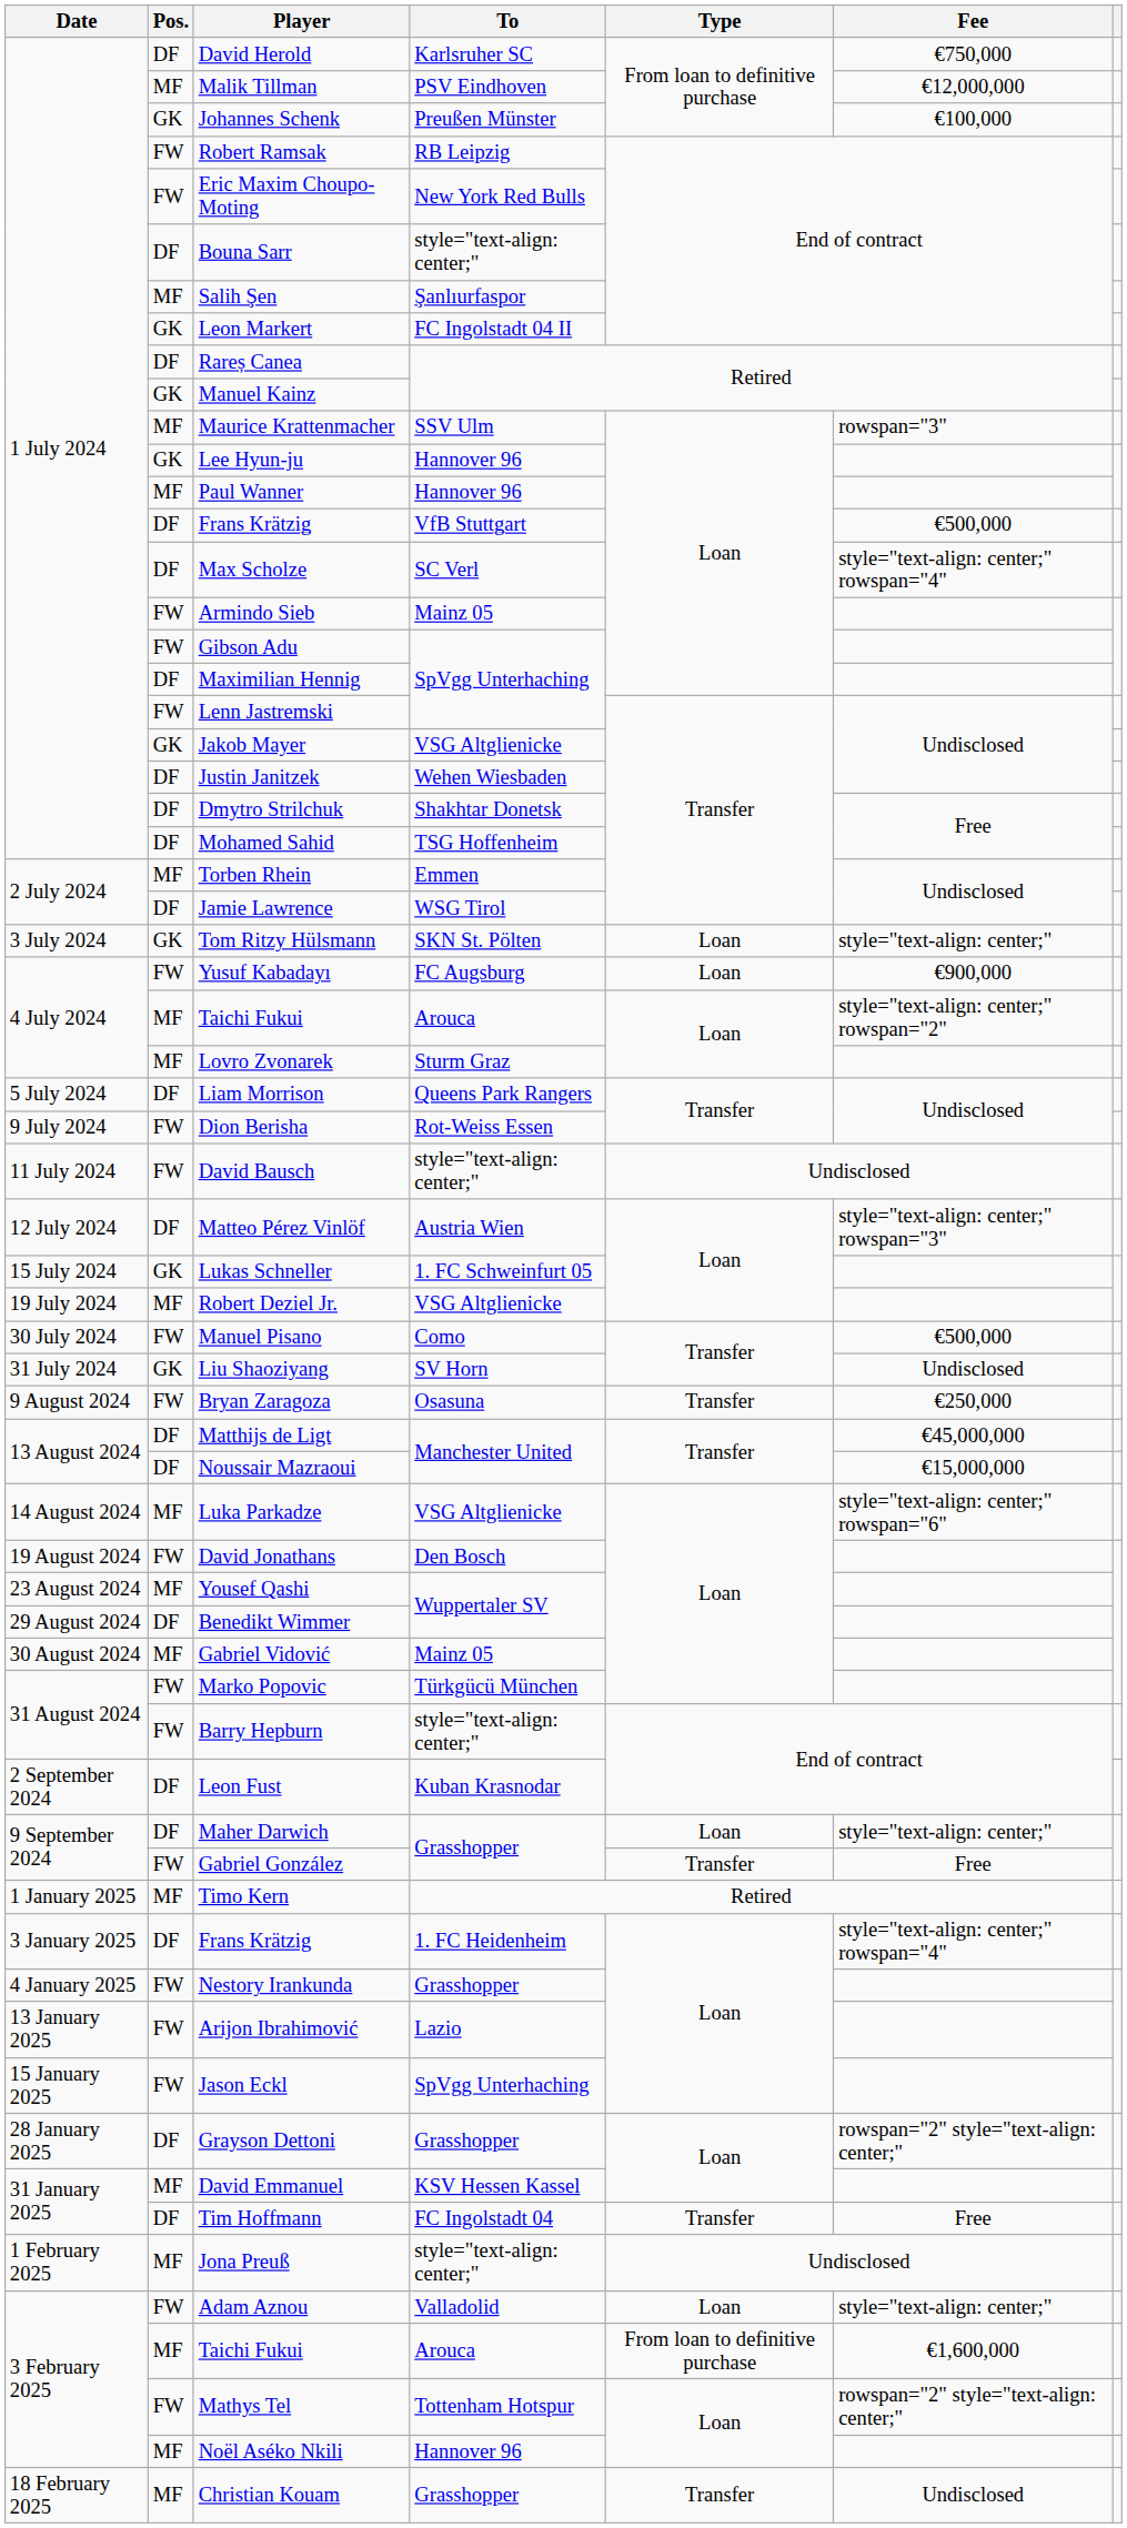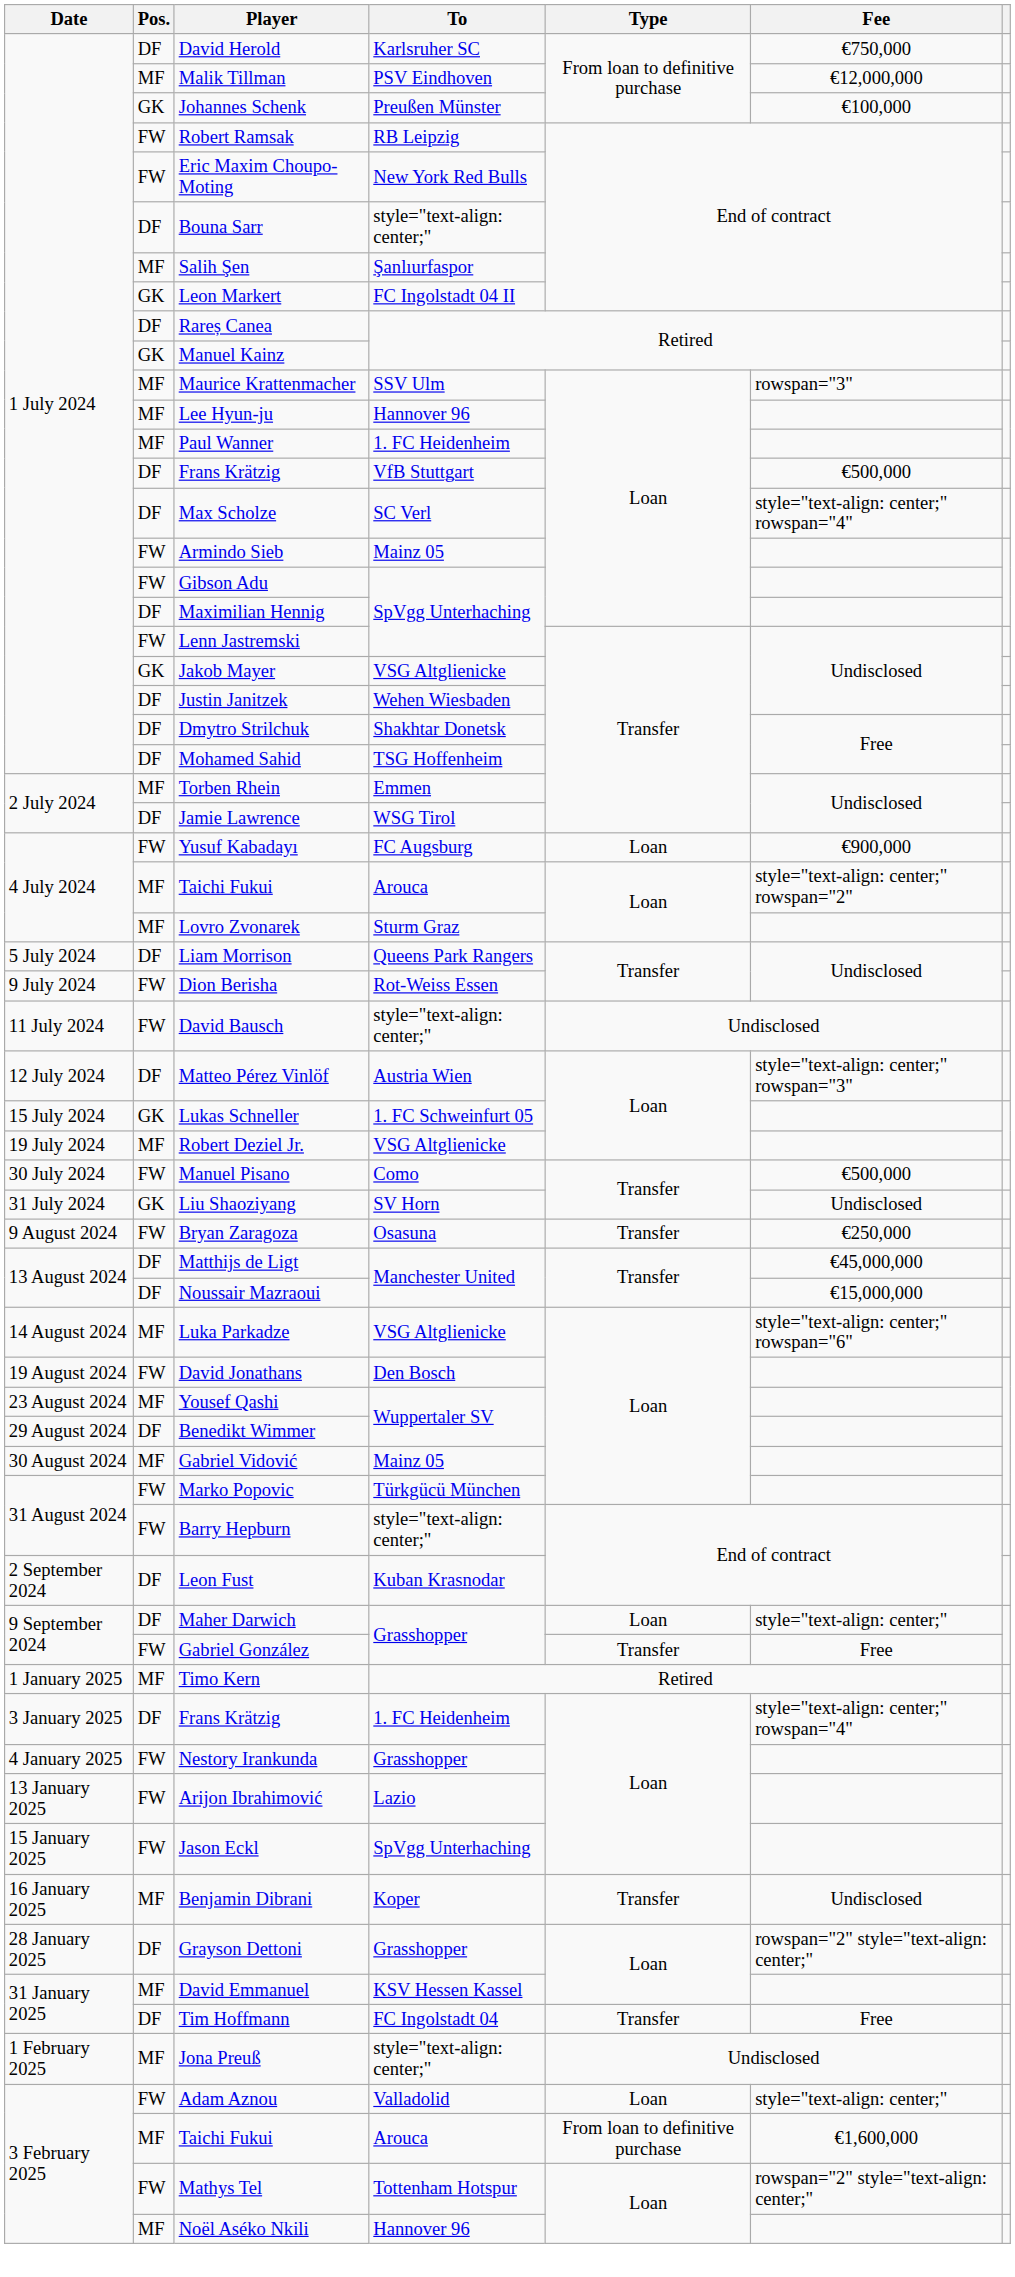 <table class="wikitable">
 <tr>
 <th>Date</th>
 <th>Pos.</th>
 <th>Player</th>
 <th>To</th>
 <th>Type</th>
 <th>Fee</th>
 <th></th>
 </tr>
 <tr>
 <td rowspan="23">1 July 2024</td>
 <td>DF</td>
 <td> <a href='#'>David Herold</a></td>
 <td> <a href='#'>Karlsruher SC</a></td>
 <td rowspan="3"style="text-align: center;">From loan to definitive purchase</td>
 <td style="text-align: center;">€750,000</td>
 <td></td>
 </tr>
 <tr>
 <td>MF</td>
 <td> <a href='#'>Malik Tillman</a></td>
 <td> <a href='#'>PSV Eindhoven</a></td>
 <td style="text-align: center;">€12,000,000</td>
 <td></td>
 </tr>
 <tr>
 <td>GK</td>
 <td> <a href='#'>Johannes Schenk</a></td>
 <td> <a href='#'>Preußen Münster</a></td>
 <td style="text-align: center;">€100,000</td>
 <td></td>
 </tr>
 <tr>
 <td>FW</td>
 <td> <a href='#'>Robert Ramsak</a></td>
 <td> <a href='#'>RB Leipzig</a></td>
 <td colspan ="2" rowspan="5"style="text-align: center;">End of contract</td>
 <td></td>
 </tr>
 <tr>
 <td>FW</td>
 <td> <a href='#'>Eric Maxim Choupo-Moting</a></td>
 <td> <a href='#'>New York Red Bulls</a></td>
 <td></td>
 </tr>
 <tr>
 <td>DF</td>
 <td> <a href='#'>Bouna Sarr</a></td>
 <td>style="text-align: center;"</td>
 <td></td>
 </tr>
 <tr>
 <td>MF</td>
 <td> <a href='#'>Salih Şen</a></td>
 <td> <a href='#'>Şanlıurfaspor</a></td>
 <td></td>
 </tr>
 <tr>
 <td>GK</td>
 <td> <a href='#'>Leon Markert</a></td>
 <td> <a href='#'>FC Ingolstadt 04 II</a></td>
 <td></td>
 </tr>
 <tr>
 <td>DF</td>
 <td> <a href='#'>Rareș Canea</a></td>
 <td colspan="3" rowspan="2" style="text-align: center;">Retired</td>
 <td></td>
 </tr>
 <tr>
 <td>GK</td>
 <td> <a href='#'>Manuel Kainz</a></td>
 <td></td>
 </tr>
 <tr>
 <td>MF</td>
 <td> <a href='#'>Maurice Krattenmacher</a></td>
 <td> <a href='#'>SSV Ulm</a></td>
 <td style="text-align: center;" rowspan="8">Loan</td>
 <td>rowspan="3" </td>
 <td></td>
 </tr>
 <tr>
-<td>GK</td>
+<td>MF</td>
 <td> <a href='#'>Lee Hyun-ju</a></td>
 <td> <a href='#'>Hannover 96</a></td>
 <td></td>
 </tr>
 <tr>
 <td>MF</td>
 <td> <a href='#'>Paul Wanner</a></td>
-<td> <a href='#'>Hannover 96</a></td>
+<td> <a href='#'>1. FC Heidenheim</a></td>
 <td></td>
 </tr>
 <tr>
 <td>DF</td>
 <td> <a href='#'>Frans Krätzig</a></td>
 <td> <a href='#'>VfB Stuttgart</a></td>
 <td style="text-align: center;">€500,000</td>
 <td></td>
 </tr>
 <tr>
 <td>DF</td>
 <td> <a href='#'>Max Scholze</a></td>
 <td> <a href='#'>SC Verl</a></td>
 <td>style="text-align: center;" rowspan="4" </td>
 <td></td>
 </tr>
 <tr>
 <td>FW</td>
 <td> <a href='#'>Armindo Sieb</a></td>
 <td> <a href='#'>Mainz 05</a></td>
 <td></td>
 </tr>
 <tr>
 <td>FW</td>
 <td> <a href='#'>Gibson Adu</a></td>
 <td rowspan="3"> <a href='#'>SpVgg Unterhaching</a></td>
 <td></td>
 </tr>
 <tr>
 <td>DF</td>
 <td> <a href='#'>Maximilian Hennig</a></td>
 <td></td>
 </tr>
 <tr>
 <td>FW</td>
 <td> <a href='#'>Lenn Jastremski</a></td>
 <td style="text-align: center;" rowspan="7">Transfer</td>
 <td style="text-align: center;" rowspan="3">Undisclosed</td>
 <td></td>
 </tr>
 <tr>
 <td>GK</td>
 <td> <a href='#'>Jakob Mayer</a></td>
 <td> <a href='#'>VSG Altglienicke</a></td>
 <td></td>
 </tr>
 <tr>
 <td>DF</td>
 <td> <a href='#'>Justin Janitzek</a></td>
 <td> <a href='#'>Wehen Wiesbaden</a></td>
 <td></td>
 </tr>
 <tr>
 <td>DF</td>
 <td> <a href='#'>Dmytro Strilchuk</a></td>
 <td> <a href='#'>Shakhtar Donetsk</a></td>
 <td style="text-align: center;" rowspan="2">Free</td>
 <td></td>
 </tr>
 <tr>
 <td>DF</td>
 <td> <a href='#'>Mohamed Sahid</a></td>
 <td> <a href='#'>TSG Hoffenheim</a></td>
 <td></td>
 </tr>
 <tr>
 <td rowspan="2">2 July 2024</td>
 <td>MF</td>
 <td> <a href='#'>Torben Rhein</a></td>
 <td> <a href='#'>Emmen</a></td>
 <td style="text-align: center;" rowspan="2">Undisclosed</td>
 <td></td>
 </tr>
 <tr>
 <td>DF</td>
 <td> <a href='#'>Jamie Lawrence</a></td>
 <td> <a href='#'>WSG Tirol</a></td>
-<td></td>
-</tr>
-<tr>
-<td>3 July 2024</td>
-<td>GK</td>
-<td> <a href='#'>Tom Ritzy Hülsmann</a></td>
-<td> <a href='#'>SKN St. Pölten</a></td>
-<td style="text-align: center;">Loan</td>
-<td>style="text-align: center;" </td>
 <td></td>
 </tr>
 <tr>
 <td rowspan="3">4 July 2024</td>
 <td>FW</td>
 <td> <a href='#'>Yusuf Kabadayı</a></td>
 <td> <a href='#'>FC Augsburg</a></td>
 <td style="text-align: center;">Loan</td>
 <td style="text-align: center;">€900,000</td>
 <td></td>
 </tr>
 <tr>
 <td>MF</td>
 <td> <a href='#'>Taichi Fukui</a></td>
 <td> <a href='#'>Arouca</a></td>
 <td style="text-align: center;" rowspan="2">Loan</td>
 <td>style="text-align: center;" rowspan="2" </td>
 <td></td>
 </tr>
 <tr>
 <td>MF</td>
 <td> <a href='#'>Lovro Zvonarek</a></td>
 <td> <a href='#'>Sturm Graz</a></td>
 <td></td>
 </tr>
 <tr>
 <td>5 July 2024</td>
 <td>DF</td>
 <td> <a href='#'>Liam Morrison</a></td>
 <td> <a href='#'>Queens Park Rangers</a></td>
 <td style="text-align: center;" rowspan="2">Transfer</td>
 <td style="text-align: center;" rowspan="2">Undisclosed</td>
 <td></td>
 </tr>
 <tr>
 <td>9 July 2024</td>
 <td>FW</td>
 <td> <a href='#'>Dion Berisha</a></td>
 <td> <a href='#'>Rot-Weiss Essen</a></td>
 <td></td>
 </tr>
 <tr>
 <td>11 July 2024</td>
 <td>FW</td>
 <td> <a href='#'>David Bausch</a></td>
 <td>style="text-align: center;"</td>
 <td colspan ="2" style="text-align: center;">Undisclosed</td>
 <td></td>
 </tr>
 <tr>
 <td>12 July 2024</td>
 <td>DF</td>
 <td> <a href='#'>Matteo Pérez Vinlöf</a></td>
 <td> <a href='#'>Austria Wien</a></td>
 <td style="text-align: center;" rowspan="3">Loan</td>
 <td>style="text-align: center;" rowspan="3" </td>
 <td></td>
 </tr>
 <tr>
 <td>15 July 2024</td>
 <td>GK</td>
 <td> <a href='#'>Lukas Schneller</a></td>
 <td> <a href='#'>1. FC Schweinfurt 05</a></td>
 <td></td>
 </tr>
 <tr>
 <td>19 July 2024</td>
 <td>MF</td>
 <td> <a href='#'>Robert Deziel Jr.</a></td>
 <td> <a href='#'>VSG Altglienicke</a></td>
 <td></td>
 </tr>
 <tr>
 <td>30 July 2024</td>
 <td>FW</td>
 <td> <a href='#'>Manuel Pisano</a></td>
 <td> <a href='#'>Como</a></td>
 <td style="text-align: center;" rowspan="2">Transfer</td>
 <td style="text-align: center;">€500,000</td>
 <td></td>
 </tr>
 <tr>
 <td>31 July 2024</td>
 <td>GK</td>
 <td> <a href='#'>Liu Shaoziyang</a></td>
 <td> <a href='#'>SV Horn</a></td>
 <td style="text-align: center;">Undisclosed</td>
 <td></td>
 </tr>
 <tr>
 <td>9 August 2024</td>
 <td>FW</td>
 <td> <a href='#'>Bryan Zaragoza</a></td>
 <td> <a href='#'>Osasuna</a></td>
 <td style="text-align: center;">Transfer</td>
 <td style="text-align: center;">€250,000</td>
 <td></td>
 </tr>
 <tr>
 <td rowspan="2">13 August 2024</td>
 <td>DF</td>
 <td> <a href='#'>Matthijs de Ligt</a></td>
 <td rowspan="2"> <a href='#'>Manchester United</a></td>
 <td style="text-align: center;" rowspan="2">Transfer</td>
 <td style="text-align: center;">€45,000,000</td>
 <td></td>
 </tr>
 <tr>
 <td>DF</td>
 <td> <a href='#'>Noussair Mazraoui</a></td>
 <td style="text-align: center;">€15,000,000</td>
 <td></td>
 </tr>
 <tr>
 <td>14 August 2024</td>
 <td>MF</td>
 <td> <a href='#'>Luka Parkadze</a></td>
 <td> <a href='#'>VSG Altglienicke</a></td>
 <td style="text-align: center;" rowspan="6">Loan</td>
 <td>style="text-align: center;" rowspan="6" </td>
 <td></td>
 </tr>
 <tr>
 <td>19 August 2024</td>
 <td>FW</td>
 <td> <a href='#'>David Jonathans</a></td>
 <td> <a href='#'>Den Bosch</a></td>
 <td></td>
 </tr>
 <tr>
 <td>23 August 2024</td>
 <td>MF</td>
 <td> <a href='#'>Yousef Qashi</a></td>
 <td rowspan="2"> <a href='#'>Wuppertaler SV</a></td>
 <td></td>
 </tr>
 <tr>
 <td>29 August 2024</td>
 <td>DF</td>
 <td> <a href='#'>Benedikt Wimmer</a></td>
 <td></td>
 </tr>
 <tr>
 <td>30 August 2024</td>
 <td>MF</td>
 <td> <a href='#'>Gabriel Vidović</a></td>
 <td> <a href='#'>Mainz 05</a></td>
 <td></td>
 </tr>
 <tr>
 <td rowspan="2">31 August 2024</td>
 <td>FW</td>
 <td> <a href='#'>Marko Popovic</a></td>
 <td> <a href='#'>Türkgücü München</a></td>
 <td></td>
 </tr>
 <tr>
 <td>FW</td>
 <td> <a href='#'>Barry Hepburn</a></td>
 <td>style="text-align: center;"</td>
 <td colspan ="2" rowspan="2"style="text-align: center;">End of contract</td>
 <td></td>
 </tr>
 <tr>
 <td>2 September 2024</td>
 <td>DF</td>
 <td> <a href='#'>Leon Fust</a></td>
 <td> <a href='#'>Kuban Krasnodar</a></td>
 <td></td>
 </tr>
 <tr>
 <td rowspan="2">9 September 2024</td>
 <td>DF</td>
 <td> <a href='#'>Maher Darwich</a></td>
 <td rowspan="2"> <a href='#'>Grasshopper</a></td>
 <td style="text-align: center;">Loan</td>
 <td>style="text-align: center;"</td>
 <td rowspan="2"></td>
 </tr>
 <tr>
 <td>FW</td>
 <td> <a href='#'>Gabriel González</a></td>
 <td style="text-align: center;">Transfer</td>
 <td style="text-align: center;">Free</td>
 </tr>
 <tr>
 <td>1 January 2025</td>
 <td>MF</td>
 <td> <a href='#'>Timo Kern</a></td>
 <td colspan="3" style="text-align: center;">Retired</td>
 <td></td>
 </tr>
 <tr>
 <td>3 January 2025</td>
 <td>DF</td>
 <td> <a href='#'>Frans Krätzig</a></td>
 <td> <a href='#'>1. FC Heidenheim</a></td>
 <td style="text-align: center;" rowspan="4">Loan</td>
 <td>style="text-align: center;" rowspan="4" </td>
 <td></td>
 </tr>
 <tr>
 <td>4 January 2025</td>
 <td>FW</td>
 <td> <a href='#'>Nestory Irankunda</a></td>
 <td> <a href='#'>Grasshopper</a></td>
 <td></td>
 </tr>
 <tr>
 <td>13 January 2025</td>
 <td>FW</td>
 <td> <a href='#'>Arijon Ibrahimović</a></td>
 <td> <a href='#'>Lazio</a></td>
 <td></td>
 </tr>
 <tr>
 <td>15 January 2025</td>
 <td>FW</td>
 <td> <a href='#'>Jason Eckl</a></td>
 <td> <a href='#'>SpVgg Unterhaching</a></td>
 <td></td>
 </tr>
 <tr>
+<td>16 January 2025</td>
+<td>MF</td>
+<td> <a href='#'>Benjamin Dibrani</a></td>
+<td> <a href='#'>Koper</a></td>
+<td style="text-align: center;">Transfer</td>
+<td style="text-align: center;">Undisclosed</td>
+<td></td>
+</tr>
+<tr>
 <td>28 January 2025</td>
 <td>DF</td>
 <td> <a href='#'>Grayson Dettoni</a></td>
 <td> <a href='#'>Grasshopper</a></td>
 <td rowspan="2" style="text-align: center;">Loan</td>
 <td>rowspan="2" style="text-align: center;" </td>
 <td></td>
 </tr>
 <tr>
 <td rowspan="2">31 January 2025</td>
 <td>MF</td>
 <td> <a href='#'>David Emmanuel</a></td>
 <td> <a href='#'>KSV Hessen Kassel</a></td>
 <td></td>
 </tr>
 <tr>
 <td>DF</td>
 <td> <a href='#'>Tim Hoffmann</a></td>
 <td> <a href='#'>FC Ingolstadt 04</a></td>
 <td style="text-align: center;">Transfer</td>
 <td style="text-align: center;">Free</td>
 <td></td>
 </tr>
 <tr>
 <td>1 February 2025</td>
 <td>MF</td>
 <td> <a href='#'>Jona Preuß</a></td>
 <td>style="text-align: center;"</td>
 <td colspan ="2" style="text-align: center;">Undisclosed</td>
 <td></td>
 </tr>
 <tr>
 <td rowspan="4">3 February 2025</td>
 <td>FW</td>
 <td> <a href='#'>Adam Aznou</a></td>
 <td> <a href='#'>Valladolid</a></td>
 <td style="text-align: center;">Loan</td>
 <td>style="text-align: center;" </td>
 <td></td>
 </tr>
 <tr>
 <td>MF</td>
 <td> <a href='#'>Taichi Fukui</a></td>
 <td> <a href='#'>Arouca</a></td>
 <td style="text-align: center;">From loan to definitive purchase</td>
 <td style="text-align: center;">€1,600,000</td>
 <td></td>
 </tr>
 <tr>
 <td>FW</td>
 <td> <a href='#'>Mathys Tel</a></td>
 <td> <a href='#'>Tottenham Hotspur</a></td>
 <td rowspan="2" style="text-align: center;">Loan</td>
 <td>rowspan="2" style="text-align: center;" </td>
 <td></td>
 </tr>
 <tr>
 <td>MF</td>
 <td> <a href='#'>Noël Aséko Nkili</a></td>
 <td> <a href='#'>Hannover 96</a></td>
 <td></td>
 </tr>
-<tr>
-<td>18 February 2025</td>
-<td>MF</td>
-<td> <a href='#'>Christian Kouam</a></td>
-<td> <a href='#'>Grasshopper</a></td>
-<td style="text-align: center;">Transfer</td>
-<td style="text-align: center;">Undisclosed</td>
-<td></td>
-</tr>
 </table>
